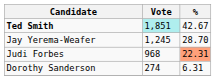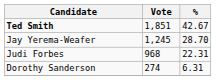 <table class="wikitable">
 <tr>
 <th bgcolor="#DDDDFF" width="200px">Candidate</th>
 <th bgcolor="#DDDDFF" width="50px">Vote</th>
 <th bgcolor="#DDDDFF" width="30px">%</th>
 </tr>
 <tr>
 <td><strong>Ted Smith</strong></td>
-<td style="background: paleturquoise;">1,851</td>
+<td>1,851</td>
 <td>42.67</td>
 </tr>
 <tr>
 <td>Jay Yerema-Weafer</td>
 <td>1,245</td>
 <td>28.70</td>
 </tr>
 <tr>
 <td>Judi Forbes</td>
 <td>968</td>
-<td style="background: lightsalmon;">22.31</td>
+<td>22.31</td>
 </tr>
 <tr>
 <td>Dorothy Sanderson</td>
 <td>274</td>
 <td>6.31</td>
 </tr>
 <tr>
 </tr>
 </table>
